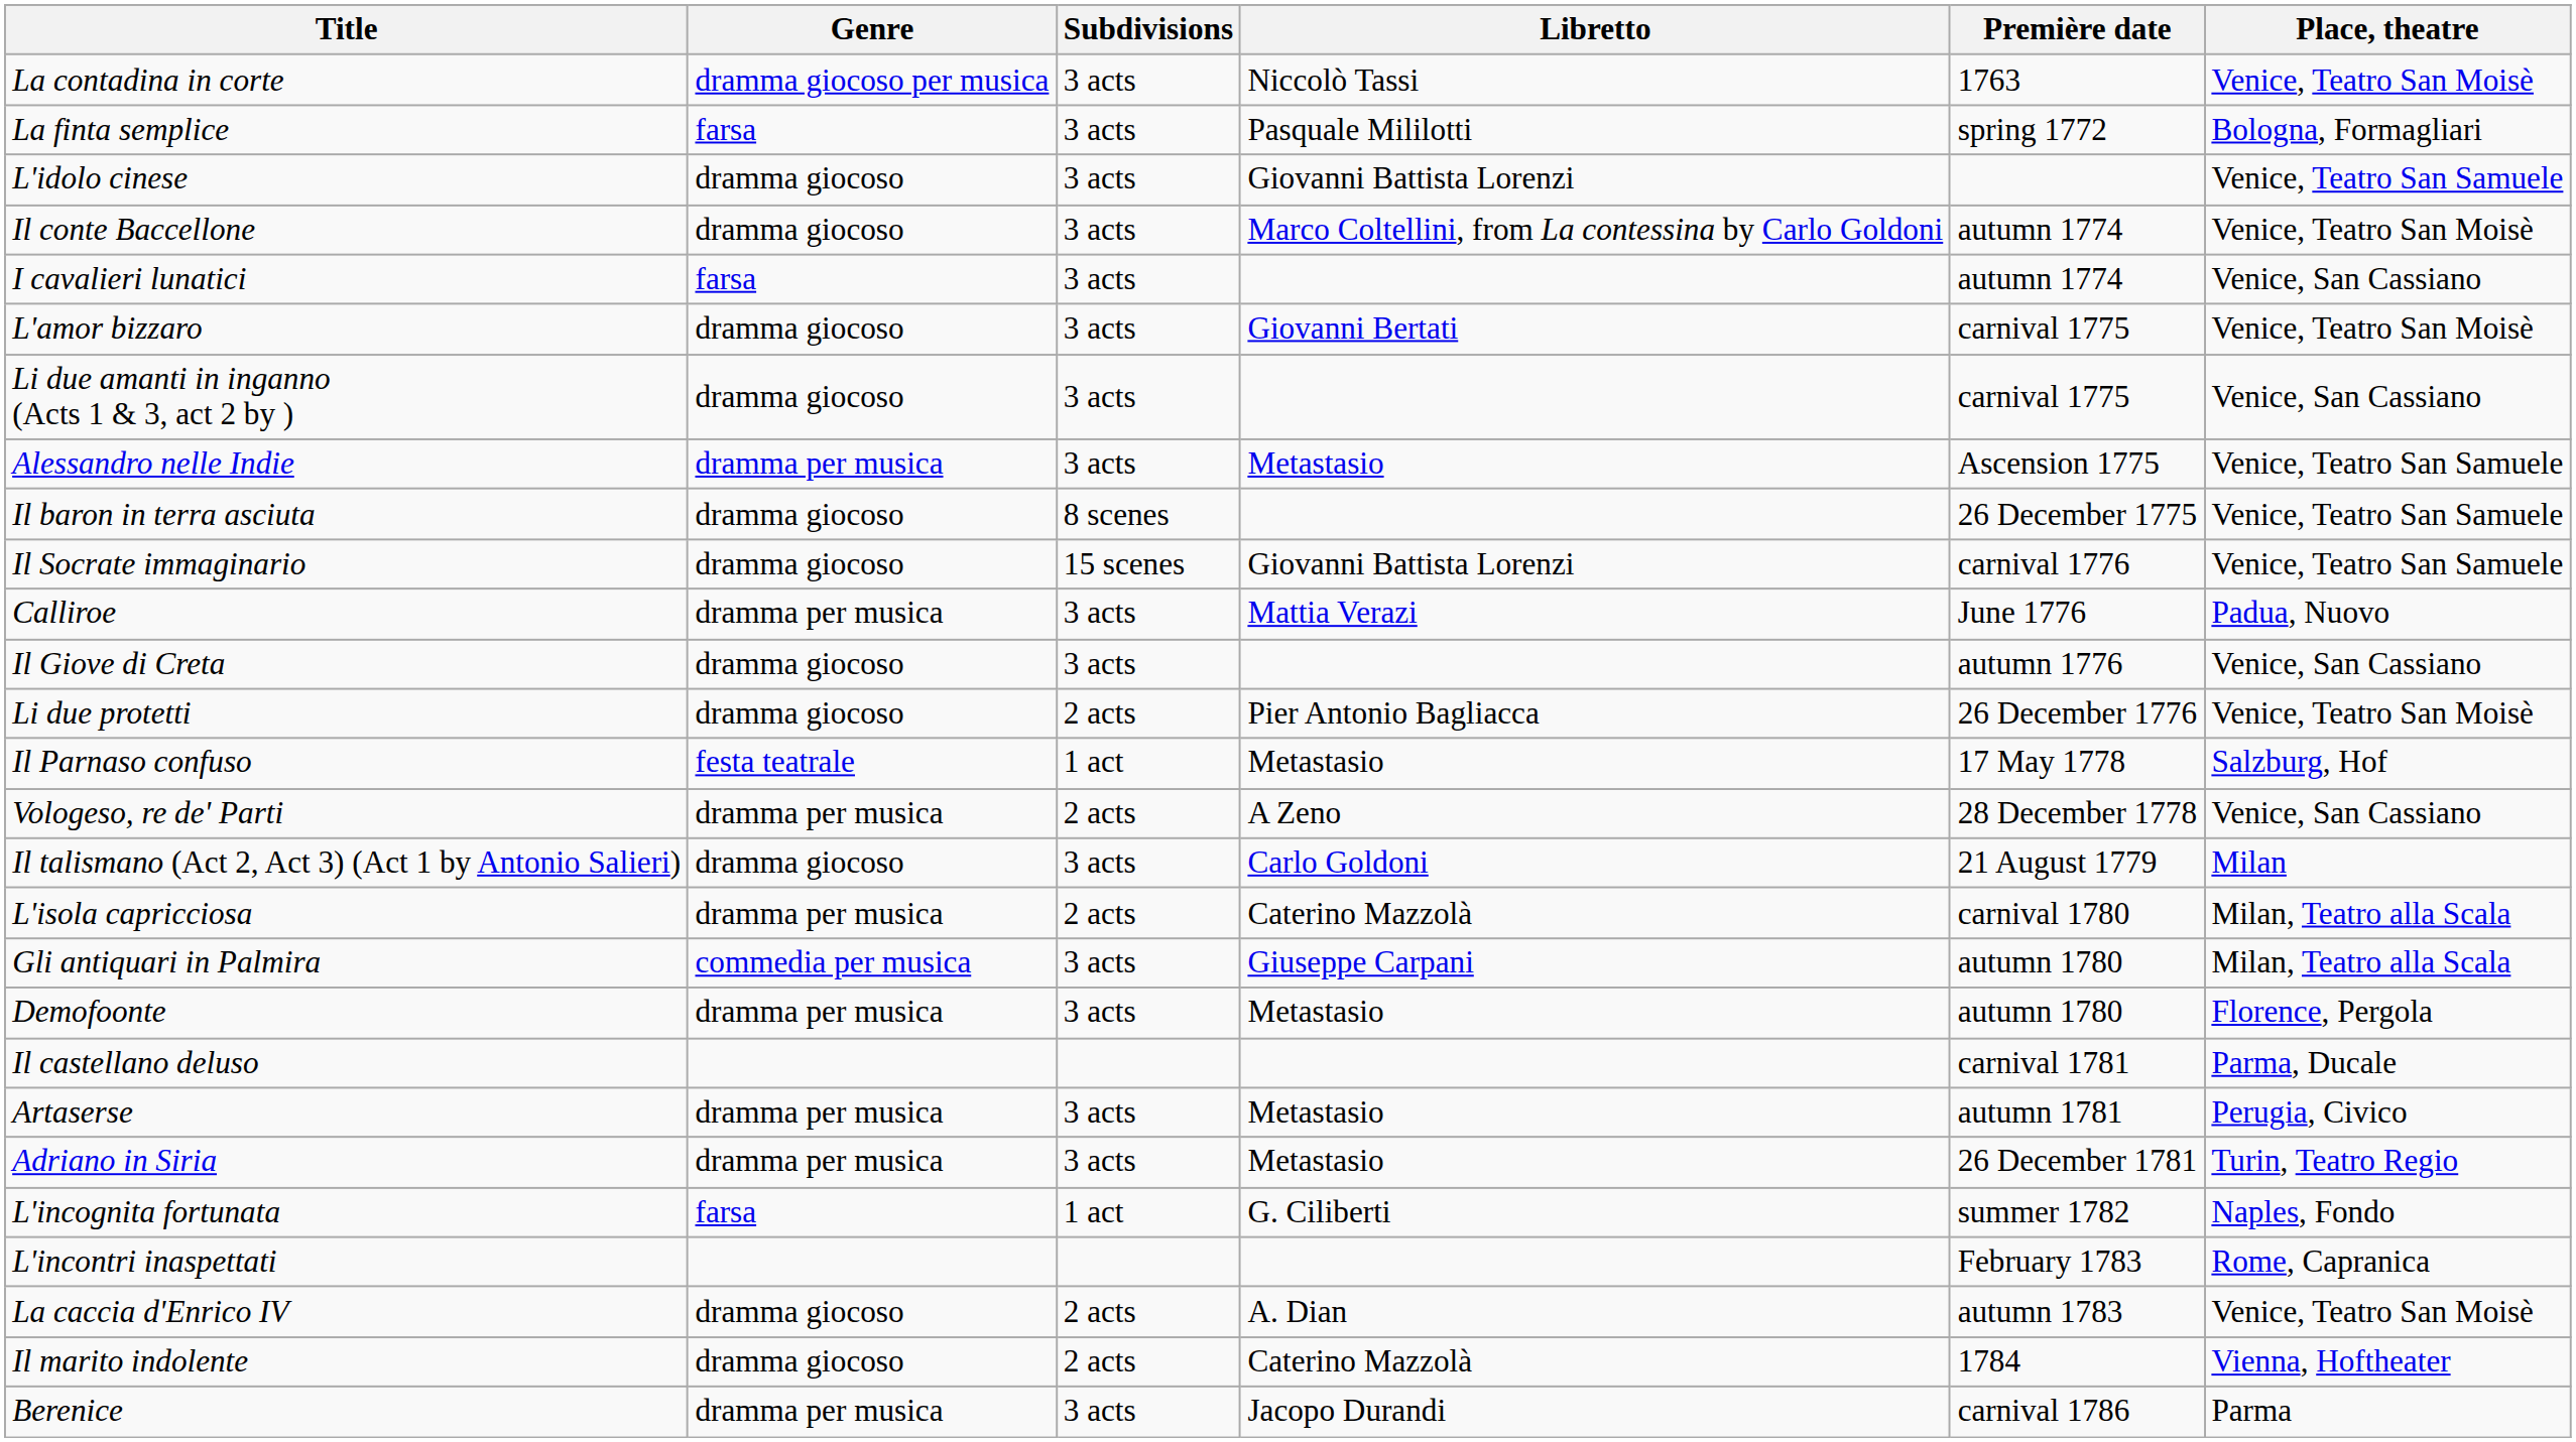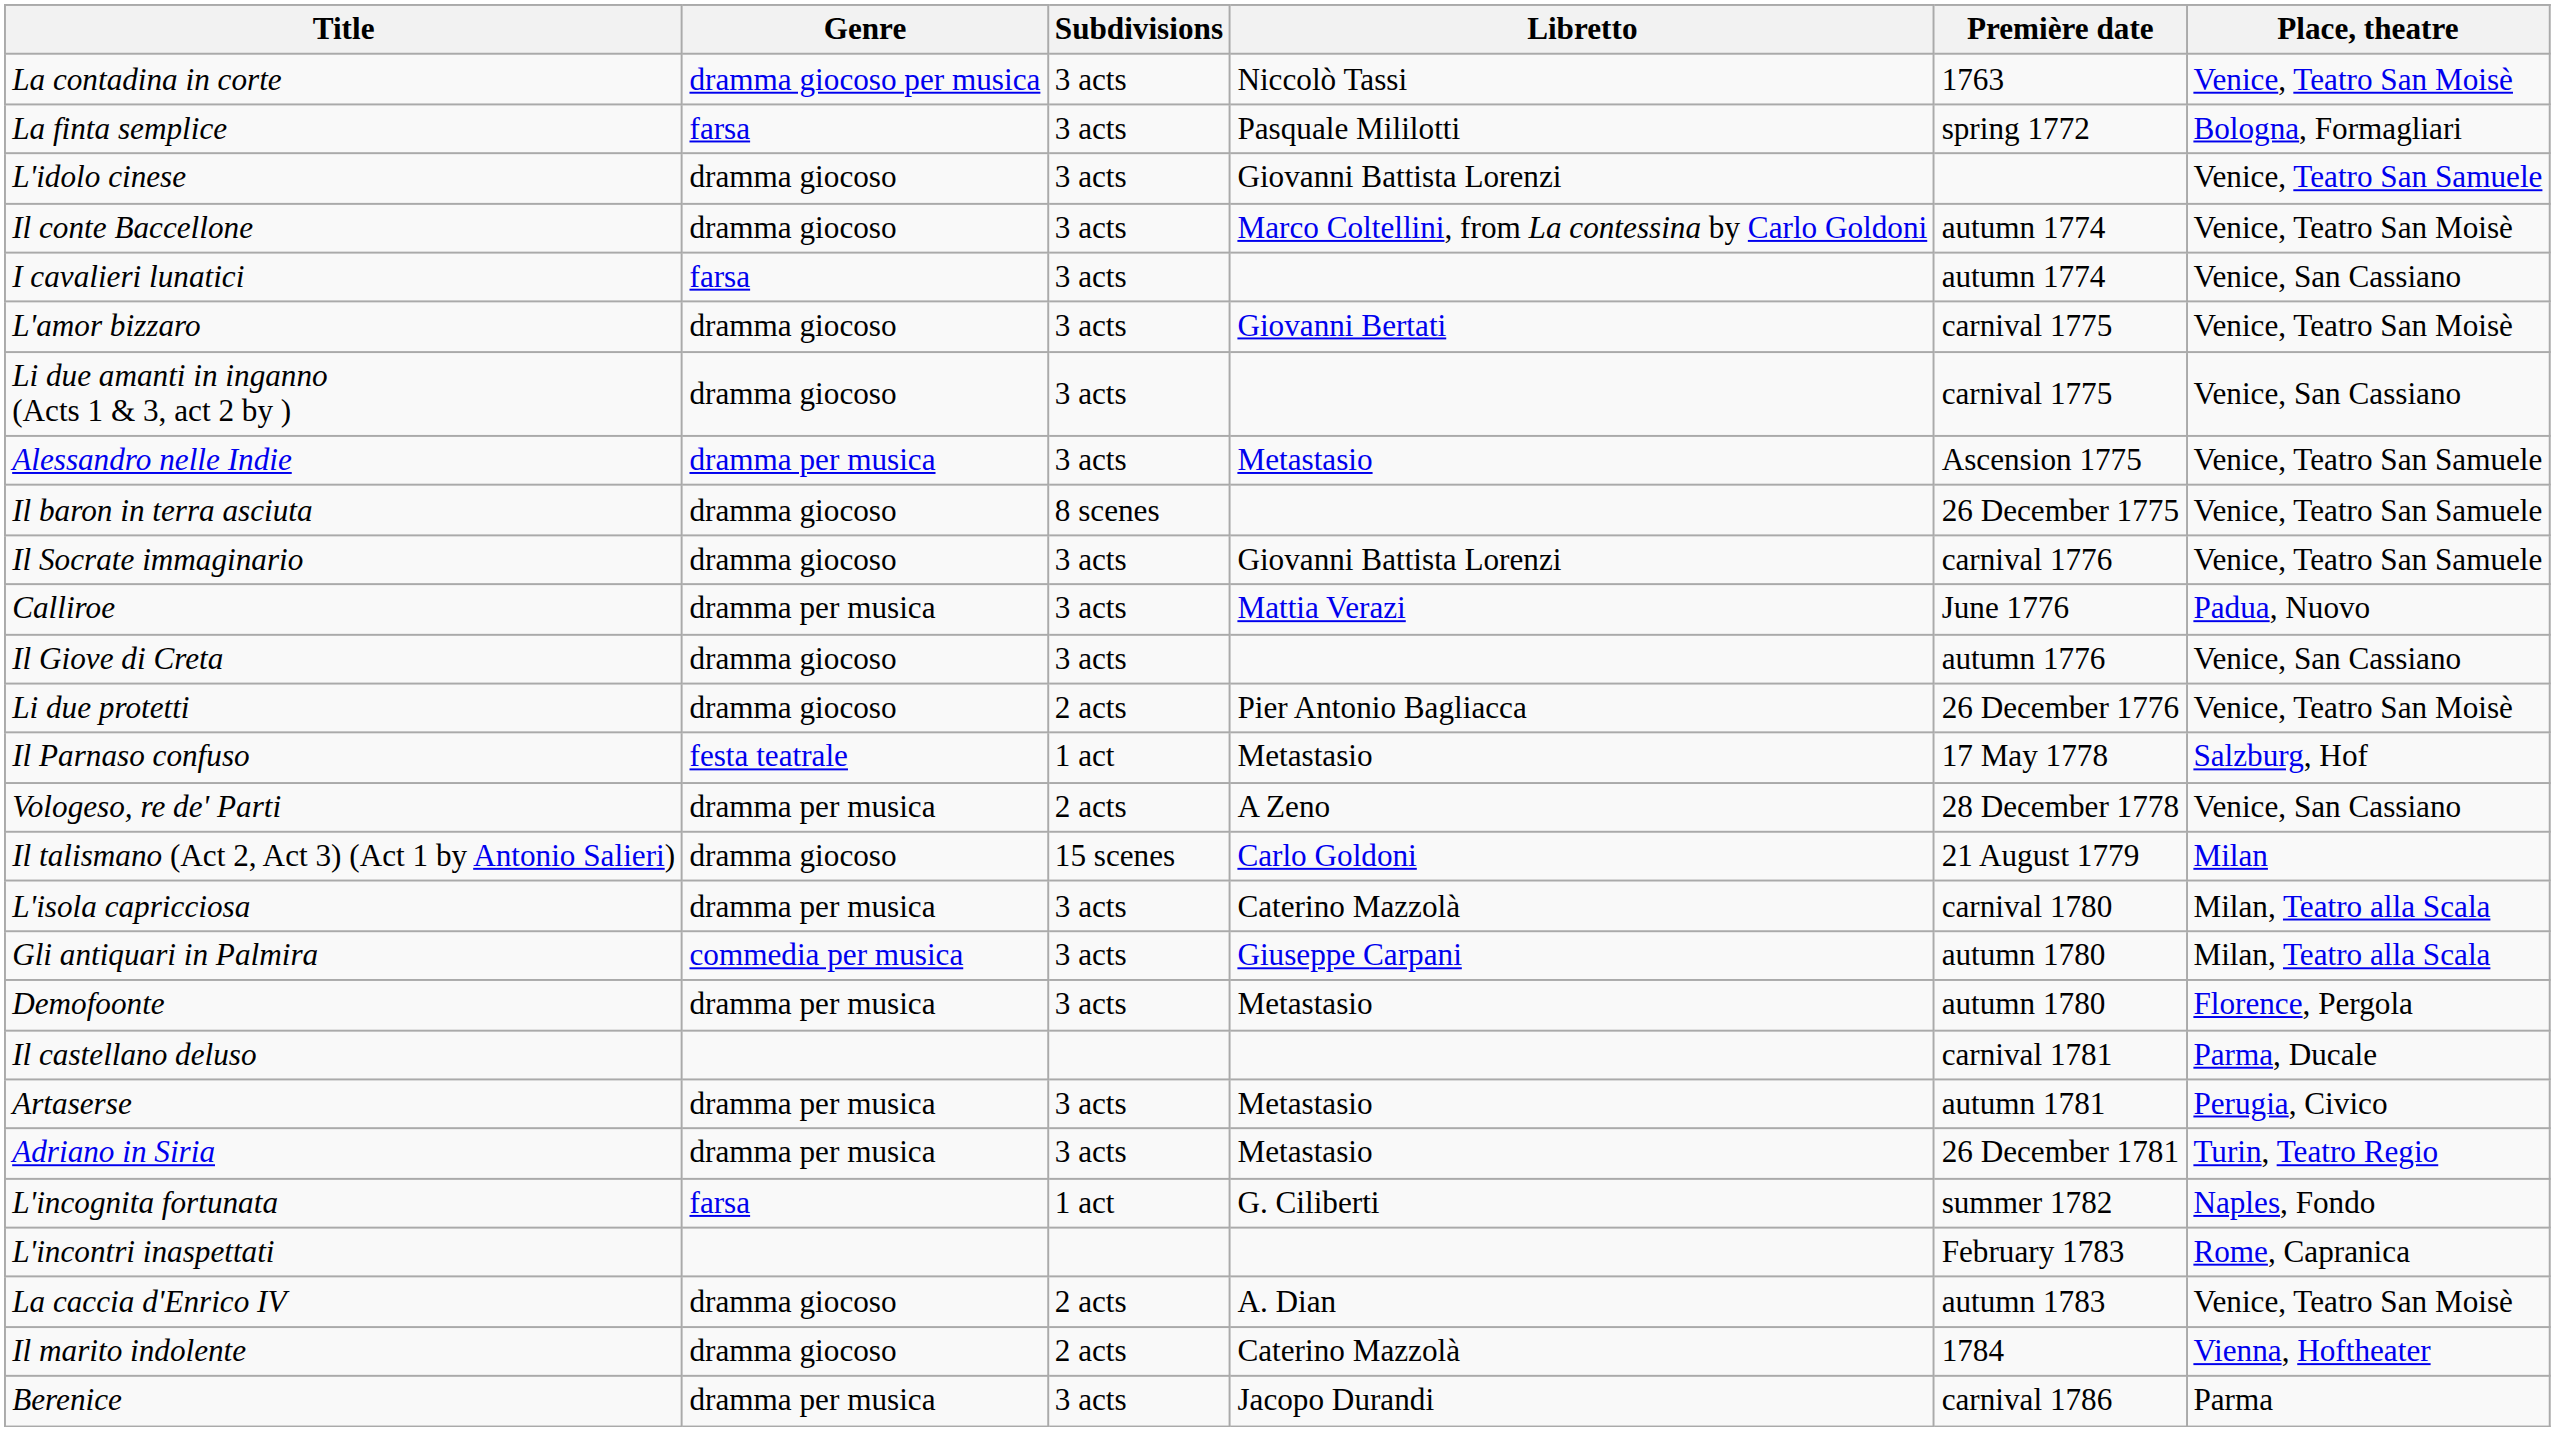 <table class="wikitable sortable">
 <tr>
 <th>Title</th>
 <th>Genre</th>
 <th>Sub­divisions</th>
 <th>Libretto</th>
 <th>Première date</th>
 <th>Place, theatre</th>
 </tr>
 <tr>
 <td><em>La contadina in corte</em></td>
 <td><a href='#'>dramma giocoso per musica</a></td>
 <td>3 acts</td>
 <td>Niccolò Tassi</td>
 <td>1763</td>
 <td><a href='#'>Venice</a>, <a href='#'>Teatro San Moisè</a></td>
 </tr>
 <tr>
 <td><em>La finta semplice</em></td>
 <td><a href='#'>farsa</a></td>
 <td>3 acts</td>
 <td>Pasquale Mililotti</td>
 <td>spring 1772</td>
 <td><a href='#'>Bologna</a>, Formagliari</td>
 </tr>
 <tr>
 <td><em>L'idolo cinese</em></td>
 <td>dramma giocoso</td>
 <td>3 acts</td>
 <td>Giovanni Battista Lorenzi</td>
 <td></td>
 <td>Venice, <a href='#'>Teatro San Samuele</a></td>
 </tr>
 <tr>
 <td><em>Il conte Baccellone</em></td>
 <td>dramma giocoso</td>
 <td>3 acts</td>
 <td><a href='#'>Marco Coltellini</a>, from <em>La contessina</em> by <a href='#'>Carlo Goldoni</a></td>
 <td>autumn 1774</td>
 <td>Venice, Teatro San Moisè</td>
 </tr>
 <tr>
 <td><em>I cavalieri lunatici</em></td>
 <td><a href='#'>farsa</a></td>
 <td>3 acts</td>
 <td></td>
 <td>autumn 1774</td>
 <td>Venice, San Cassiano</td>
 </tr>
 <tr>
 <td><em>L'amor bizzaro</em></td>
 <td>dramma giocoso</td>
 <td>3 acts</td>
 <td><a href='#'>Giovanni Bertati</a></td>
 <td>carnival 1775</td>
 <td>Venice, Teatro San Moisè</td>
 </tr>
 <tr>
 <td><em>Li due amanti in inganno</em><br>(Acts 1 & 3, act 2 by )</td>
 <td>dramma giocoso</td>
 <td>3 acts</td>
 <td></td>
 <td>carnival 1775</td>
 <td>Venice, San Cassiano</td>
 </tr>
 <tr>
 <td><em><a href='#'>Alessandro nelle Indie</a></em></td>
 <td><a href='#'>dramma per musica</a></td>
 <td>3 acts</td>
 <td><a href='#'>Metastasio</a></td>
 <td>Ascension 1775</td>
 <td>Venice, Teatro San Samuele</td>
 </tr>
 <tr>
 <td><em>Il baron in terra asciuta</em></td>
 <td>dramma giocoso</td>
 <td>8 scenes</td>
 <td></td>
 <td>26 December 1775</td>
 <td>Venice, Teatro San Samuele</td>
 </tr>
 <tr>
 <td><em>Il Socrate immaginario</em></td>
 <td>dramma giocoso</td>
-<td>15 scenes</td>
+<td>3 acts</td>
 <td>Giovanni Battista Lorenzi</td>
 <td>carnival 1776</td>
 <td>Venice, Teatro San Samuele</td>
 </tr>
 <tr>
 <td><em>Calliroe</em></td>
 <td>dramma per musica</td>
 <td>3 acts</td>
 <td><a href='#'>Mattia Verazi</a></td>
 <td>June 1776</td>
 <td><a href='#'>Padua</a>, Nuovo</td>
 </tr>
 <tr>
 <td><em>Il Giove di Creta</em></td>
 <td>dramma giocoso</td>
 <td>3 acts</td>
 <td></td>
 <td>autumn 1776</td>
 <td>Venice, San Cassiano</td>
 </tr>
 <tr>
 <td><em>Li due protetti</em></td>
 <td>dramma giocoso</td>
 <td>2 acts</td>
 <td>Pier Antonio Bagliacca</td>
 <td>26 December 1776</td>
 <td>Venice, Teatro San Moisè</td>
 </tr>
 <tr>
 <td><em>Il Parnaso confuso</em></td>
 <td><a href='#'>festa teatrale</a></td>
 <td>1 act</td>
 <td>Metastasio</td>
 <td>17 May 1778</td>
 <td><a href='#'>Salzburg</a>, Hof</td>
 </tr>
 <tr>
 <td><em>Vologeso, re de' Parti</em></td>
 <td>dramma per musica</td>
 <td>2 acts</td>
 <td>A Zeno</td>
 <td>28 December 1778</td>
 <td>Venice, San Cassiano</td>
 </tr>
 <tr>
 <td><em>Il talismano</em> (Act 2, Act 3) (Act 1 by <a href='#'>Antonio Salieri</a>)</td>
 <td>dramma giocoso</td>
-<td>3 acts</td>
+<td>15 scenes</td>
 <td><a href='#'>Carlo Goldoni</a></td>
 <td>21 August 1779</td>
 <td><a href='#'>Milan</a></td>
 </tr>
 <tr>
 <td><em>L'isola capricciosa</em></td>
 <td>dramma per musica</td>
-<td>2 acts</td>
+<td>3 acts</td>
 <td>Caterino Mazzolà</td>
 <td>carnival 1780</td>
 <td>Milan, <a href='#'>Teatro alla Scala</a></td>
 </tr>
 <tr>
 <td><em>Gli antiquari in Palmira</em></td>
 <td><a href='#'>commedia per musica</a></td>
 <td>3 acts</td>
 <td><a href='#'>Giuseppe Carpani</a></td>
 <td>autumn 1780</td>
 <td>Milan, <a href='#'>Teatro alla Scala</a></td>
 </tr>
 <tr>
 <td><em>Demofoonte</em></td>
 <td>dramma per musica</td>
 <td>3 acts</td>
 <td>Metastasio</td>
 <td>autumn 1780</td>
 <td><a href='#'>Florence</a>, Pergola</td>
 </tr>
 <tr>
 <td><em>Il castellano deluso</em></td>
 <td></td>
 <td></td>
 <td></td>
 <td>carnival 1781</td>
 <td><a href='#'>Parma</a>, Ducale</td>
 </tr>
 <tr>
 <td><em>Artaserse</em></td>
 <td>dramma per musica</td>
 <td>3 acts</td>
 <td>Metastasio</td>
 <td>autumn 1781</td>
 <td><a href='#'>Perugia</a>, Civico</td>
 </tr>
 <tr>
 <td><em><a href='#'>Adriano in Siria</a></em></td>
 <td>dramma per musica</td>
 <td>3 acts</td>
 <td>Metastasio</td>
 <td>26 December 1781</td>
 <td><a href='#'>Turin</a>, <a href='#'>Teatro Regio</a></td>
 </tr>
 <tr>
 <td><em>L'incognita fortunata</em></td>
 <td><a href='#'>farsa</a></td>
 <td>1 act</td>
 <td>G. Ciliberti</td>
 <td>summer 1782</td>
 <td><a href='#'>Naples</a>, Fondo</td>
 </tr>
 <tr>
 <td><em>L'incontri inaspettati</em></td>
 <td></td>
 <td></td>
 <td></td>
 <td>February 1783</td>
 <td><a href='#'>Rome</a>, Capranica</td>
 </tr>
 <tr>
 <td><em>La caccia d'Enrico IV</em></td>
 <td>dramma giocoso</td>
 <td>2 acts</td>
 <td>A. Dian</td>
 <td>autumn 1783</td>
 <td>Venice, Teatro San Moisè</td>
 </tr>
 <tr>
 <td><em>Il marito indolente</em></td>
 <td>dramma giocoso</td>
 <td>2 acts</td>
 <td>Caterino Mazzolà</td>
 <td>1784</td>
 <td><a href='#'>Vienna</a>, <a href='#'>Hoftheater</a></td>
 </tr>
 <tr>
 <td><em>Berenice</em></td>
 <td>dramma per musica</td>
 <td>3 acts</td>
 <td>Jacopo Durandi</td>
 <td>carnival 1786</td>
 <td>Parma</td>
 </tr>
 </table>
